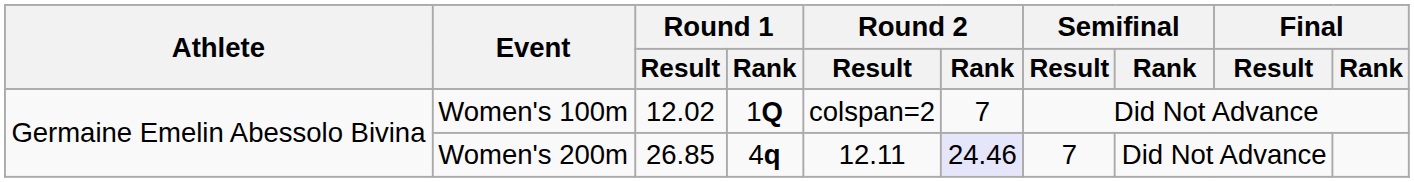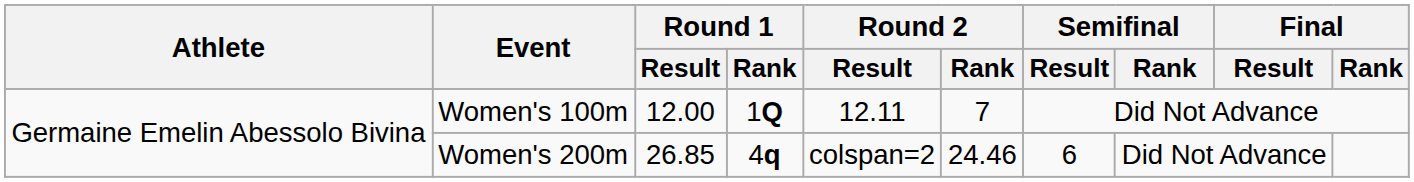 <table class="wikitable" style="font-size:90%">
 <tr>
 <th rowspan="2">Athlete</th>
 <th rowspan="2">Event</th>
 <th colspan="2">Round 1</th>
 <th colspan="2">Round 2</th>
 <th colspan="2">Semifinal</th>
 <th colspan="2">Final</th>
 </tr>
 <tr style="font-size:95%">
 <th>Result</th>
 <th>Rank</th>
 <th>Result</th>
 <th>Rank</th>
 <th>Result</th>
 <th>Rank</th>
 <th>Result</th>
 <th>Rank</th>
 </tr>
 <tr align=center>
 <td align=left rowspan=2>Germaine Emelin Abessolo Bivina</td>
 <td align=left>Women's 100m</td>
-<td>12.02</td>
+<td>12.00</td>
 <td>1<strong>Q</strong></td>
-<td>colspan=2 </td>
+<td>12.11</td>
 <td>7</td>
 <td colspan=4>Did Not Advance</td>
 </tr>
 <tr align=center>
 <td align=left>Women's 200m</td>
 <td>26.85</td>
 <td>4<strong>q</strong></td>
-<td>12.11</td>
-<td style="background: lavender;">24.46</td>
-<td>7</td>
+<td>colspan=2 </td>
+<td>24.46</td>
+<td>6</td>
 <td colspan=2>Did Not Advance</td>
 </tr>
 </table>
